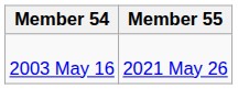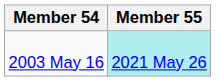 <table class=wikitable align=right>
 <tr>
 <th>Member 54</th>
 <th>Member 55</th>
 </tr>
 <tr>
 <td><br><a href='#'>2003 May 16</a></td>
-<td><br><a href='#'>2021 May 26</a></td>
+<td style="background: paleturquoise;"><br><a href='#'>2021 May 26</a></td>
 </tr>
 </table>
